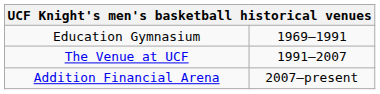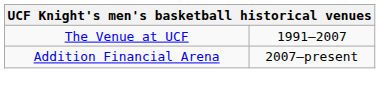 <table class="wikitable" style="text-align:center">
 <tr>
 <th colspan="2">UCF Knight's men's basketball historical venues</th>
-</tr>
-<tr>
-<td>Education Gymnasium</td>
-<td>1969–1991</td>
 </tr>
 <tr>
 <td><a href='#'>The Venue at UCF</a></td>
 <td>1991–2007</td>
 </tr>
 <tr>
 <td><a href='#'>Addition Financial Arena</a></td>
 <td>2007–present</td>
 </tr>
 </table>
